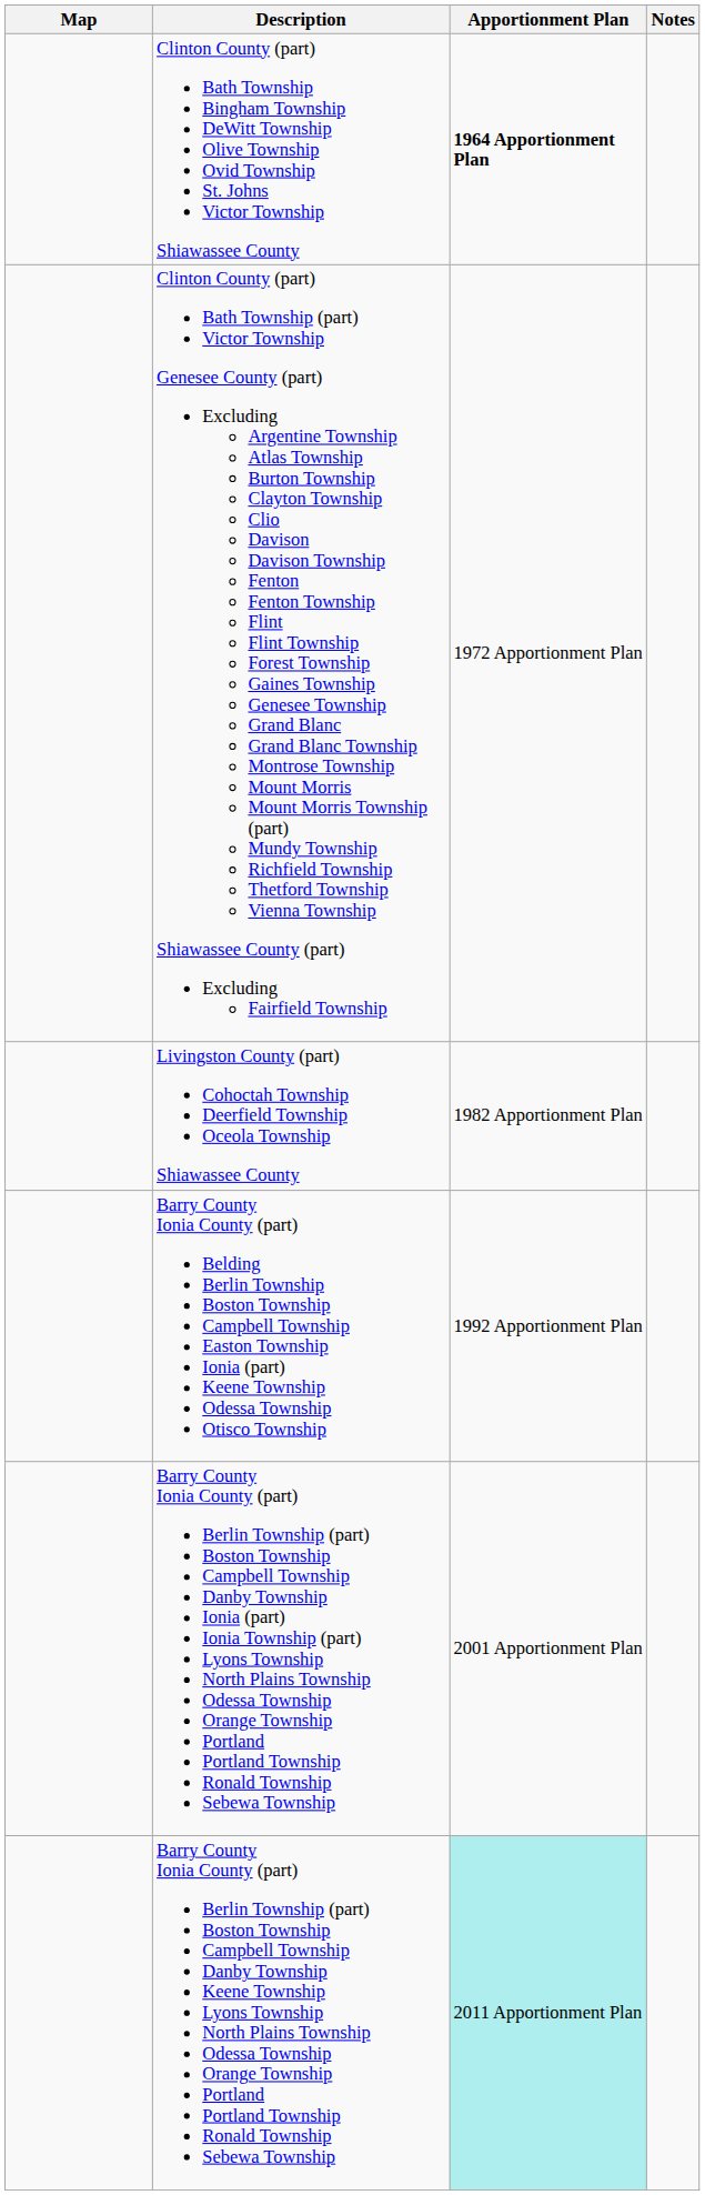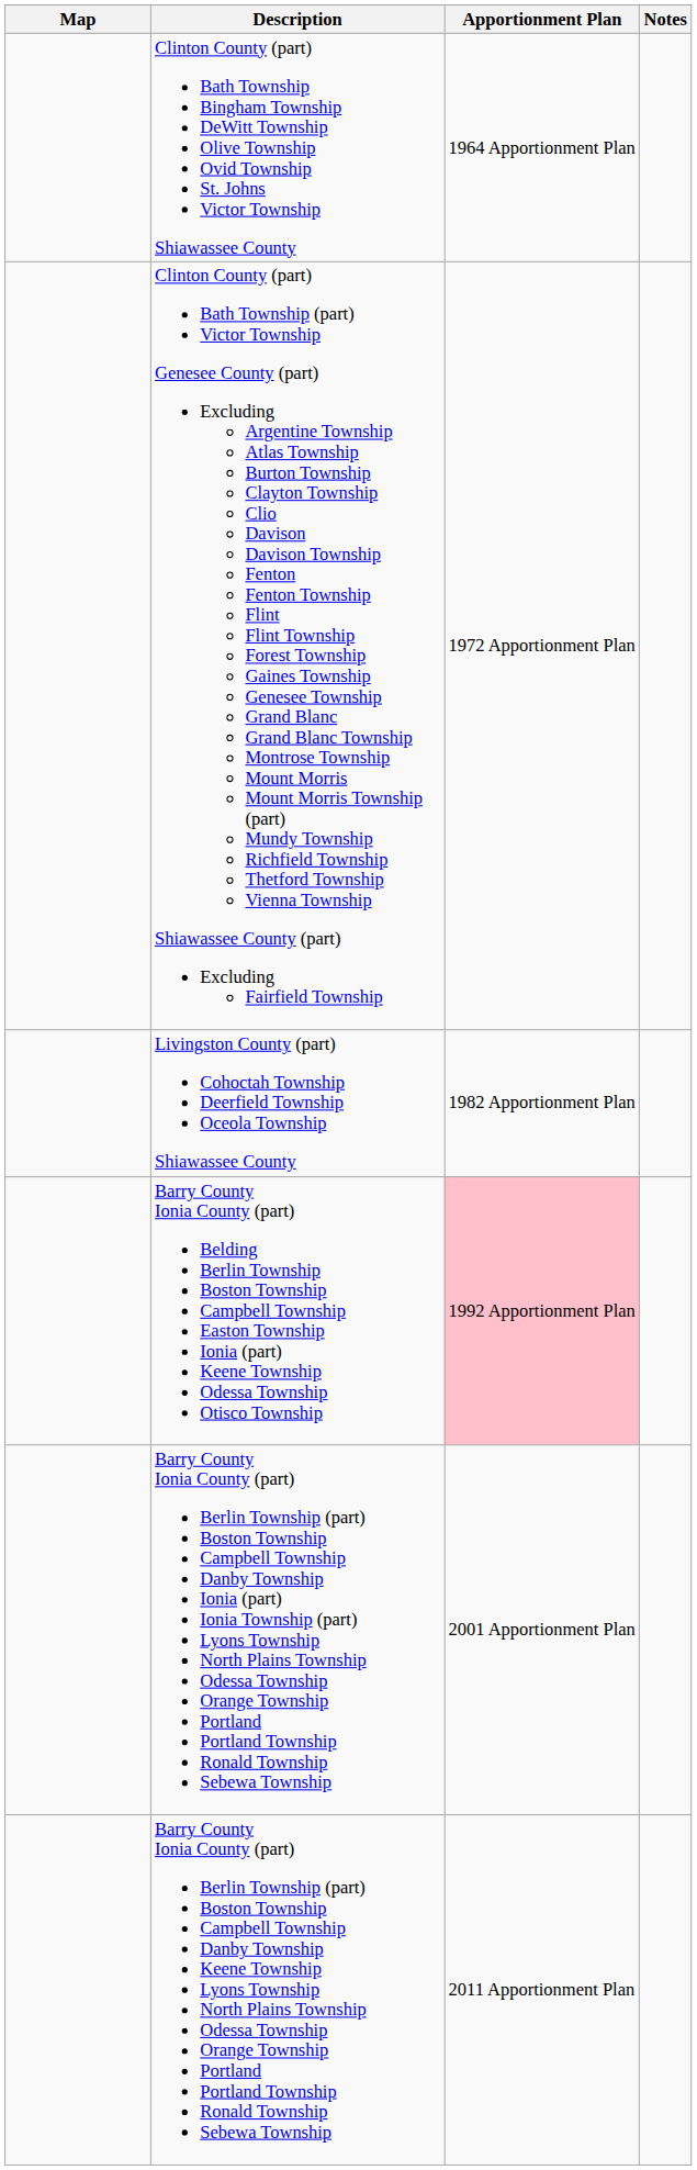 <table class="wikitable sortable">
 <tr>
 <th style="width:100pt;">Map</th>
 <th style="width:200pt;">Description</th>
 <th style="width:130pt;">Apportionment Plan</th>
 <th style="width:15pt;">Notes</th>
 </tr>
 <tr>
 <td></td>
 <td><a href='#'>Clinton County</a> (part)<br><ul><li><a href='#'>Bath Township</a></li><li><a href='#'>Bingham Township</a></li><li><a href='#'>DeWitt Township</a></li><li><a href='#'>Olive Township</a></li><li><a href='#'>Ovid Township</a></li><li><a href='#'>St. Johns</a></li><li><a href='#'>Victor Township</a></li></ul><a href='#'>Shiawassee County</a></td>
-<td><strong>1964 Apportionment Plan</strong></td>
+<td>1964 Apportionment Plan</td>
 <td></td>
 </tr>
 <tr>
 <td></td>
 <td><a href='#'>Clinton County</a> (part)<br><ul><li><a href='#'>Bath Township</a> (part)</li><li><a href='#'>Victor Township</a></li></ul><a href='#'>Genesee County</a> (part)<ul><li>Excluding<ul><li><a href='#'>Argentine Township</a></li><li><a href='#'>Atlas Township</a></li><li><a href='#'>Burton Township</a></li><li><a href='#'>Clayton Township</a></li><li><a href='#'>Clio</a></li><li><a href='#'>Davison</a></li><li><a href='#'>Davison Township</a></li><li><a href='#'>Fenton</a></li><li><a href='#'>Fenton Township</a></li><li><a href='#'>Flint</a></li><li><a href='#'>Flint Township</a></li><li><a href='#'>Forest Township</a></li><li><a href='#'>Gaines Township</a></li><li><a href='#'>Genesee Township</a></li><li><a href='#'>Grand Blanc</a></li><li><a href='#'>Grand Blanc Township</a></li><li><a href='#'>Montrose Township</a></li><li><a href='#'>Mount Morris</a></li><li><a href='#'>Mount Morris Township</a> (part)</li><li><a href='#'>Mundy Township</a></li><li><a href='#'>Richfield Township</a></li><li><a href='#'>Thetford Township</a></li><li><a href='#'>Vienna Township</a></li></ul></li></ul><a href='#'>Shiawassee County</a> (part)<ul><li>Excluding<ul><li><a href='#'>Fairfield Township</a></li></ul></li></ul></td>
 <td>1972 Apportionment Plan</td>
 <td></td>
 </tr>
 <tr>
 <td></td>
 <td><a href='#'>Livingston County</a> (part)<br><ul><li><a href='#'>Cohoctah Township</a></li><li><a href='#'>Deerfield Township</a></li><li><a href='#'>Oceola Township</a></li></ul><a href='#'>Shiawassee County</a></td>
 <td>1982 Apportionment Plan</td>
 <td></td>
 </tr>
 <tr>
 <td></td>
 <td><a href='#'>Barry County</a><br><a href='#'>Ionia County</a> (part)<ul><li><a href='#'>Belding</a></li><li><a href='#'>Berlin Township</a></li><li><a href='#'>Boston Township</a></li><li><a href='#'>Campbell Township</a></li><li><a href='#'>Easton Township</a></li><li><a href='#'>Ionia</a> (part)</li><li><a href='#'>Keene Township</a></li><li><a href='#'>Odessa Township</a></li><li><a href='#'>Otisco Township</a></li></ul></td>
-<td>1992 Apportionment Plan</td>
+<td style="background: pink;">1992 Apportionment Plan</td>
 <td></td>
 </tr>
 <tr>
 <td></td>
 <td><a href='#'>Barry County</a><br><a href='#'>Ionia County</a> (part)<ul><li><a href='#'>Berlin Township</a> (part)</li><li><a href='#'>Boston Township</a></li><li><a href='#'>Campbell Township</a></li><li><a href='#'>Danby Township</a></li><li><a href='#'>Ionia</a> (part)</li><li><a href='#'>Ionia Township</a> (part)</li><li><a href='#'>Lyons Township</a></li><li><a href='#'>North Plains Township</a></li><li><a href='#'>Odessa Township</a></li><li><a href='#'>Orange Township</a></li><li><a href='#'>Portland</a></li><li><a href='#'>Portland Township</a></li><li><a href='#'>Ronald Township</a></li><li><a href='#'>Sebewa Township</a></li></ul></td>
 <td>2001 Apportionment Plan</td>
 <td></td>
 </tr>
 <tr>
 <td></td>
 <td><a href='#'>Barry County</a><br><a href='#'>Ionia County</a> (part)<ul><li><a href='#'>Berlin Township</a> (part)</li><li><a href='#'>Boston Township</a></li><li><a href='#'>Campbell Township</a></li><li><a href='#'>Danby Township</a></li><li><a href='#'>Keene Township</a></li><li><a href='#'>Lyons Township</a></li><li><a href='#'>North Plains Township</a></li><li><a href='#'>Odessa Township</a></li><li><a href='#'>Orange Township</a></li><li><a href='#'>Portland</a></li><li><a href='#'>Portland Township</a></li><li><a href='#'>Ronald Township</a></li><li><a href='#'>Sebewa Township</a></li></ul></td>
-<td style="background: paleturquoise;">2011 Apportionment Plan</td>
+<td>2011 Apportionment Plan</td>
 <td></td>
 </tr>
 <tr>
 </tr>
 </table>
